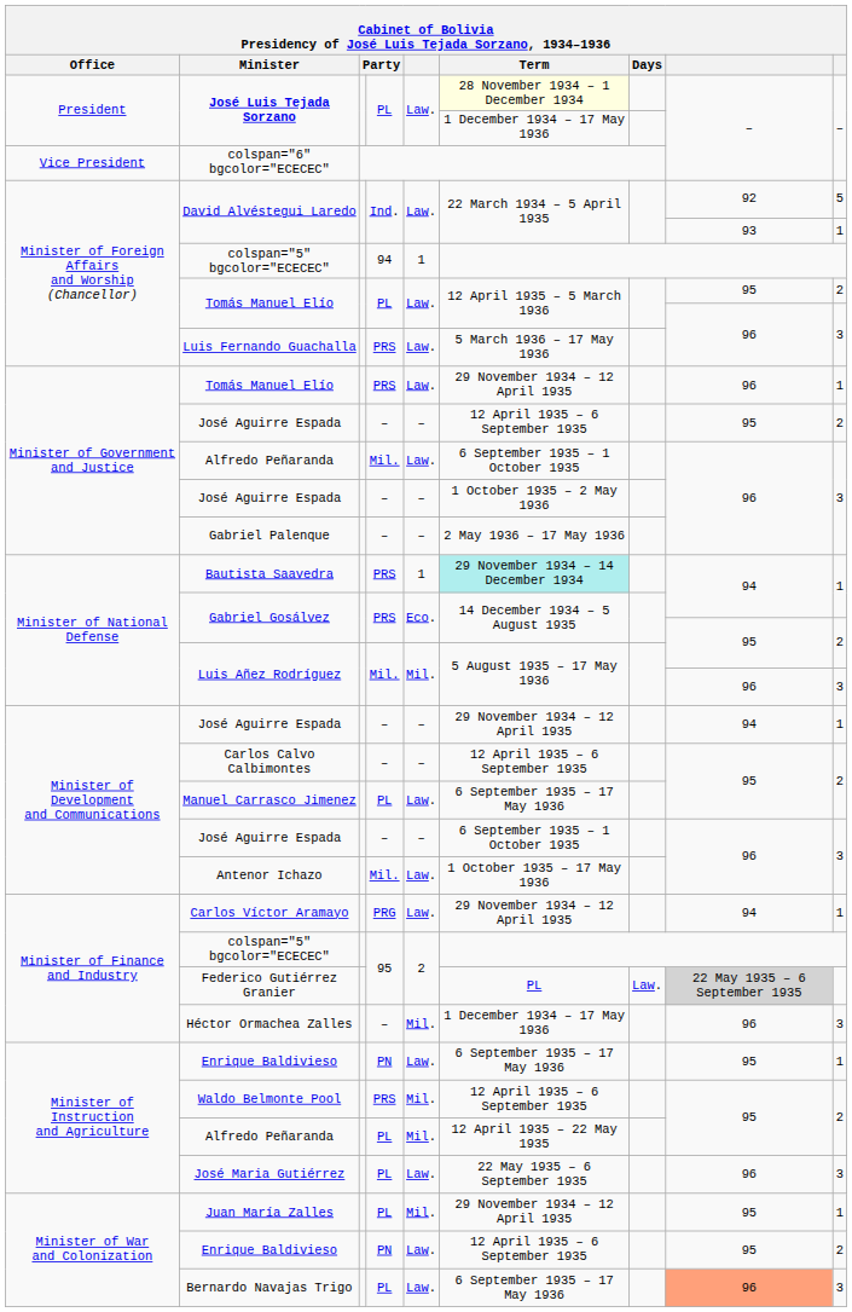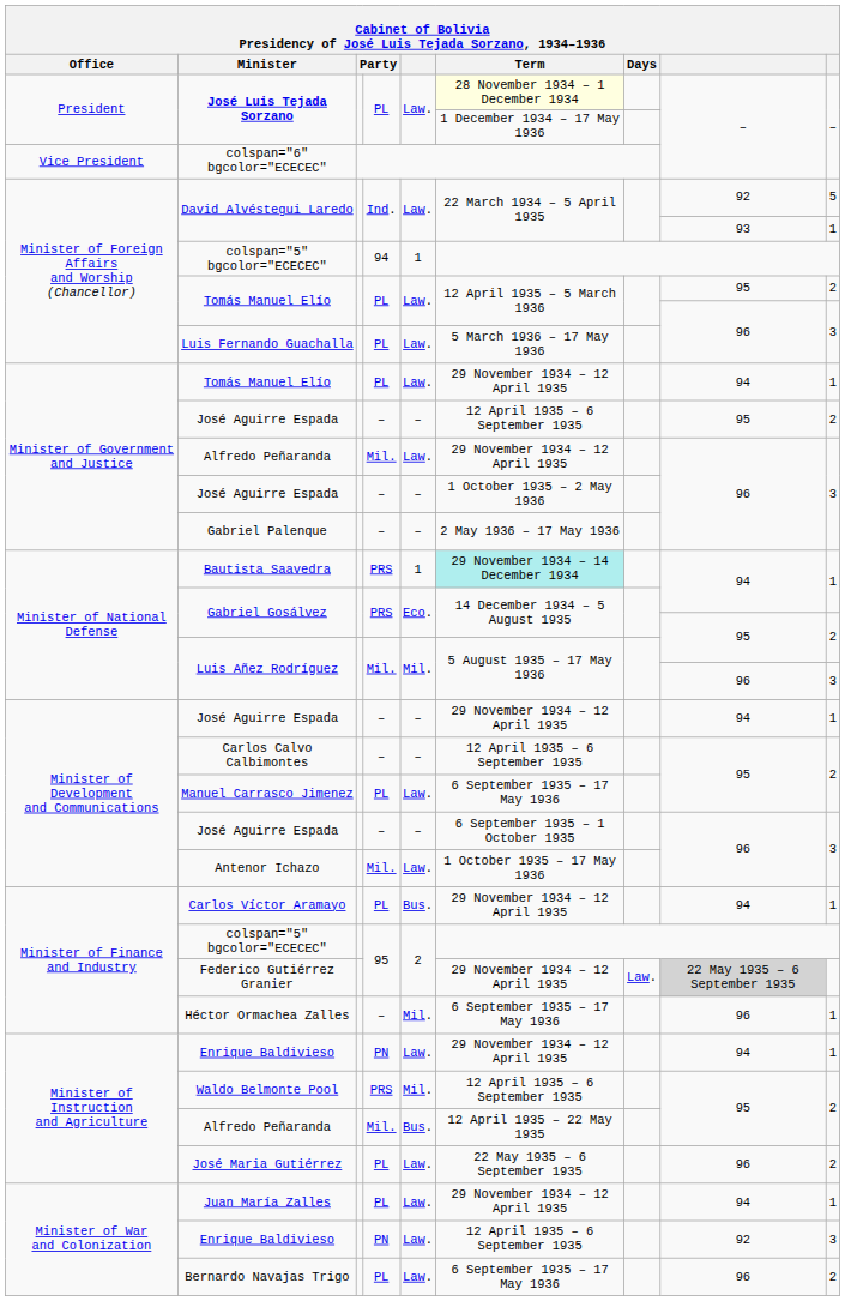 <table class="wikitable" style="text-align:center;">
 <tr>
 <th colspan="9" style="background-color:"><br><a href='#'>Cabinet of Bolivia</a><br>Presidency of <a href='#'>José Luis Tejada Sorzano</a>, 1934–1936</th>
 </tr>
 <tr style="font-weight:bold;">
 <th>Office</th>
 <th>Minister</th>
 <th colspan="2">Party</th>
 <th></th>
 <th>Term</th>
 <th>Days</th>
 <th></th>
 <th><br></th>
 </tr>
 <tr style="height:2em;">
 <td rowspan="2"><a href='#'>President</a></td>
 <td rowspan="2"><strong><a href='#'>José Luis Tejada Sorzano</a></strong></td>
 <td rowspan="2" style="background:"></td>
 <td rowspan="2"><a href='#'>PL</a></td>
 <td rowspan="2"><a href='#'>Law</a>.</td>
 <td style="background-color:#FFFFE0">28 November 1934 – 1 December 1934</td>
 <td></td>
 <td rowspan="3">–</td>
 <td rowspan="3">–</td>
 </tr>
 <tr style="height:2em;">
 <td>1 December 1934 – 17 May 1936</td>
 <td><br></td>
 </tr>
 <tr>
 <td><a href='#'>Vice President</a></td>
 <td>colspan="6" bgcolor="ECECEC" <br></td>
 </tr>
 <tr style="height:3em;">
 <td rowspan="6"><a href='#'>Minister of Foreign Affairs<br>and Worship</a><br><em>(Chancellor)</em></td>
 <td rowspan="2"><a href='#'>David Alvéstegui Laredo</a></td>
 <td rowspan="2" style="background:"></td>
 <td rowspan="2"><a href='#'>Ind</a>.</td>
 <td rowspan="2"><a href='#'>Law</a>.</td>
 <td rowspan="2">22 March 1934 – 5 April 1935</td>
 <td rowspan="2"></td>
 <td>92</td>
 <td>5</td>
 </tr>
 <tr style="height:2em;">
 <td>93</td>
 <td>1</td>
 </tr>
 <tr>
 <td>colspan="5" bgcolor="ECECEC" </td>
 <td></td>
 <td>94</td>
 <td>1</td>
 </tr>
 <tr style="height:2em;">
 <td rowspan="2"><a href='#'>Tomás Manuel Elío</a></td>
 <td rowspan="2" style="background:"></td>
 <td rowspan="2"><a href='#'>PL</a></td>
 <td rowspan="2"><a href='#'>Law</a>.</td>
 <td rowspan="2">12 April 1935 – 5 March 1936</td>
 <td rowspan="2"></td>
 <td>95</td>
 <td>2</td>
 </tr>
 <tr style="height:2em;">
 <td rowspan="2">96</td>
 <td rowspan="2">3</td>
 </tr>
 <tr style="height:3em;">
 <td><a href='#'>Luis Fernando Guachalla</a></td>
 <td style="background:"></td>
-<td><a href='#'>PRS</a></td>
+<td><a href='#'>PL</a></td>
 <td><a href='#'>Law</a>.</td>
 <td>5 March 1936 – 17 May 1936</td>
 <td><br></td>
 </tr>
 <tr style="height:3em;">
 <td rowspan="5"><a href='#'>Minister of Government<br>and Justice</a></td>
 <td><a href='#'>Tomás Manuel Elío</a></td>
 <td style="background:"></td>
-<td><a href='#'>PRS</a></td>
+<td><a href='#'>PL</a></td>
 <td><a href='#'>Law</a>.</td>
 <td>29 November 1934 – 12 April 1935</td>
 <td></td>
-<td>96</td>
+<td>94</td>
 <td>1</td>
 </tr>
 <tr style="height:3em;">
 <td>José Aguirre Espada</td>
 <td style="background:"></td>
 <td>–</td>
 <td>–</td>
 <td>12 April 1935 – 6 September 1935</td>
 <td></td>
 <td>95</td>
 <td>2</td>
 </tr>
 <tr style="height:3em;">
 <td>Alfredo Peñaranda</td>
 <td style="background:"></td>
 <td><a href='#'>Mil.</a></td>
 <td><a href='#'>Law</a>.</td>
-<td>6 September 1935 – 1 October 1935</td>
+<td>29 November 1934 – 12 April 1935</td>
 <td></td>
 <td rowspan="3">96</td>
 <td rowspan="3">3</td>
 </tr>
 <tr style="height:3em;">
 <td>José Aguirre Espada</td>
 <td style="background:"></td>
 <td>–</td>
 <td>–</td>
 <td>1 October 1935 – 2 May 1936</td>
 <td></td>
 </tr>
 <tr style="height:3em;">
 <td>Gabriel Palenque</td>
 <td style="background:"></td>
 <td>–</td>
 <td>–</td>
 <td>2 May 1936 – 17 May 1936</td>
 <td><br></td>
 </tr>
 <tr style="height:3em;">
 <td rowspan="5"><a href='#'>Minister of National Defense</a></td>
 <td><a href='#'>Bautista Saavedra</a></td>
 <td style="background:"></td>
 <td><a href='#'>PRS</a></td>
 <td>1</td>
 <td style="background: paleturquoise;">29 November 1934 – 14 December 1934</td>
 <td></td>
 <td rowspan="2">94</td>
 <td rowspan="2">1</td>
 </tr>
 <tr style="height:2em;">
 <td rowspan="2"><a href='#'>Gabriel Gosálvez</a></td>
 <td rowspan="2" style="background:"></td>
 <td rowspan="2"><a href='#'>PRS</a></td>
 <td rowspan="2"><a href='#'>Eco</a>.</td>
 <td rowspan="2">14 December 1934 – 5 August 1935</td>
 <td rowspan="2"></td>
 </tr>
 <tr style="height:2em;">
 <td rowspan="2">95</td>
 <td rowspan="2">2</td>
 </tr>
 <tr style="height:2em;">
 <td rowspan="2"><a href='#'>Luis Añez Rodríguez</a></td>
 <td rowspan="2" style="background:"></td>
 <td rowspan="2"><a href='#'>Mil.</a></td>
 <td rowspan="2"><a href='#'>Mil</a>.</td>
 <td rowspan="2">5 August 1935 – 17 May 1936</td>
 <td rowspan="2"></td>
 </tr>
 <tr style="height:3em;">
 <td>96</td>
 <td>3<br></td>
 </tr>
 <tr style="height:3em;">
 <td rowspan="5"><a href='#'>Minister of Development<br>and Communications</a></td>
 <td>José Aguirre Espada</td>
 <td style="background:"></td>
 <td>–</td>
 <td>–</td>
 <td>29 November 1934 – 12 April 1935</td>
 <td></td>
 <td>94</td>
 <td>1</td>
 </tr>
 <tr style="height:3em;">
 <td>Carlos Calvo Calbimontes</td>
 <td style="background:"></td>
 <td>–</td>
 <td>–</td>
 <td>12 April 1935 – 6 September 1935</td>
 <td></td>
 <td rowspan="2">95</td>
 <td rowspan="2">2</td>
 </tr>
 <tr style="height:3em;">
 <td><a href='#'>Manuel Carrasco Jimenez</a></td>
 <td style="background:"></td>
 <td><a href='#'>PL</a></td>
 <td><a href='#'>Law</a>.</td>
 <td>6 September 1935 – 17 May 1936</td>
 <td></td>
 </tr>
 <tr style="height:3em;">
 <td>José Aguirre Espada</td>
 <td style="background:"></td>
 <td>–</td>
 <td>–</td>
 <td>6 September 1935 – 1 October 1935</td>
 <td></td>
 <td rowspan="2">96</td>
 <td rowspan="2">3</td>
 </tr>
 <tr style="height:3em;">
 <td>Antenor Ichazo</td>
 <td style="background:"></td>
 <td><a href='#'>Mil.</a></td>
 <td><a href='#'>Law</a>.</td>
 <td>1 October 1935 – 17 May 1936</td>
 <td><br></td>
 </tr>
 <tr style="height:3em;">
 <td rowspan="4"><a href='#'>Minister of Finance<br>and Industry</a></td>
 <td><a href='#'>Carlos Víctor Aramayo</a></td>
 <td style="background:"></td>
-<td><a href='#'>PRG</a></td>
-<td><a href='#'>Law</a>.</td>
+<td><a href='#'>PL</a></td>
+<td><a href='#'>Bus</a>.</td>
 <td>29 November 1934 – 12 April 1935</td>
 <td></td>
 <td>94</td>
 <td>1</td>
 </tr>
 <tr>
 <td>colspan="5" bgcolor="ECECEC" </td>
 <td></td>
 <td rowspan="2">95</td>
 <td rowspan="2">2</td>
 </tr>
 <tr style="height:3em;">
 <td>Federico Gutiérrez Granier</td>
 <td style="background:"></td>
-<td><a href='#'>PL</a></td>
+<td>29 November 1934 – 12 April 1935</td>
 <td><a href='#'>Law</a>.</td>
 <td style="background: lightgrey;">22 May 1935 – 6 September 1935</td>
 <td></td>
 </tr>
 <tr style="height:3em;">
 <td>Héctor Ormachea Zalles</td>
 <td style="background:"></td>
 <td>–</td>
 <td><a href='#'>Mil</a>.</td>
-<td>1 December 1934 – 17 May 1936</td>
+<td>6 September 1935 – 17 May 1936</td>
 <td></td>
 <td>96</td>
-<td>3<br></td>
+<td>1<br></td>
 </tr>
 <tr style="height:3em;">
 <td rowspan="4"><a href='#'>Minister of Instruction<br>and Agriculture</a></td>
 <td><a href='#'>Enrique Baldivieso</a></td>
 <td style="background:"></td>
 <td><a href='#'>PN</a></td>
 <td><a href='#'>Law</a>.</td>
-<td>6 September 1935 – 17 May 1936</td>
+<td>29 November 1934 – 12 April 1935</td>
 <td></td>
-<td>95</td>
+<td>94</td>
 <td>1</td>
 </tr>
 <tr style="height:3em;">
 <td><a href='#'>Waldo Belmonte Pool</a></td>
 <td style="background:"></td>
 <td><a href='#'>PRS</a></td>
 <td><a href='#'>Mil</a>.</td>
 <td>12 April 1935 – 6 September 1935</td>
 <td></td>
 <td rowspan="2">95</td>
 <td rowspan="2">2</td>
 </tr>
 <tr style="height:3em;">
 <td>Alfredo Peñaranda</td>
 <td style="background:"></td>
-<td><a href='#'>PL</a></td>
-<td><a href='#'>Mil</a>.</td>
+<td><a href='#'>Mil.</a></td>
+<td><a href='#'>Bus</a>.</td>
 <td>12 April 1935 – 22 May 1935</td>
 <td></td>
 </tr>
 <tr style="height:3em;">
 <td><a href='#'>José Maria Gutiérrez</a></td>
 <td style="background:"></td>
 <td><a href='#'>PL</a></td>
 <td><a href='#'>Law</a>.</td>
 <td>22 May 1935 – 6 September 1935</td>
 <td></td>
 <td>96</td>
-<td>3<br></td>
+<td>2<br></td>
 </tr>
 <tr style="height:3em;">
 <td rowspan="4"><a href='#'>Minister of War<br>and Colonization</a></td>
 <td><a href='#'>Juan María Zalles</a></td>
 <td style="background:"></td>
 <td><a href='#'>PL</a></td>
-<td><a href='#'>Mil</a>.</td>
+<td><a href='#'>Law</a>.</td>
 <td>29 November 1934 – 12 April 1935</td>
 <td></td>
-<td>95</td>
+<td>94</td>
 <td>1</td>
 </tr>
 <tr style="height:3em;">
 <td><a href='#'>Enrique Baldivieso</a></td>
 <td style="background:"></td>
 <td><a href='#'>PN</a></td>
 <td><a href='#'>Law</a>.</td>
 <td>12 April 1935 – 6 September 1935</td>
 <td></td>
-<td>95</td>
-<td>2</td>
+<td>92</td>
+<td>3</td>
 </tr>
 <tr style="height:3em;">
 <td>Bernardo Navajas Trigo</td>
 <td style="background:"></td>
 <td><a href='#'>PL</a></td>
 <td><a href='#'>Law</a>.</td>
 <td>6 September 1935 – 17 May 1936</td>
 <td></td>
-<td style="background: lightsalmon;">96</td>
-<td>3</td>
+<td>96</td>
+<td>2</td>
 </tr>
 </table>
